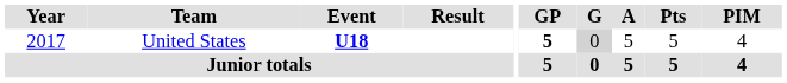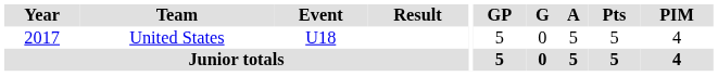 <table border="0" cellpadding="1" cellspacing="0" ID="Table3" style="text-align:center; width:40em">
 <tr ALIGN="center" bgcolor="#e0e0e0">
 <th>Year</th>
 <th>Team</th>
 <th>Event</th>
 <th>Result</th>
 <th rowspan="99" bgcolor="#ffffff"></th>
 <th>GP</th>
 <th>G</th>
 <th>A</th>
 <th>Pts</th>
 <th>PIM</th>
 </tr>
 <tr>
 <td><a href='#'>2017</a></td>
 <td><a href='#'>United States</a></td>
-<td><strong><a href='#'>U18</a></strong></td>
+<td><a href='#'>U18</a></td>
 <td></td>
-<td><strong>5</strong></td>
-<td style="background: lightgrey;">0</td>
+<td>5</td>
+<td>0</td>
 <td>5</td>
 <td>5</td>
 <td>4</td>
 </tr>
 <tr bgcolor="#e0e0e0">
 <th colspan="4">Junior totals</th>
 <th>5</th>
 <th>0</th>
 <th>5</th>
 <th>5</th>
 <th>4</th>
 </tr>
 </table>
